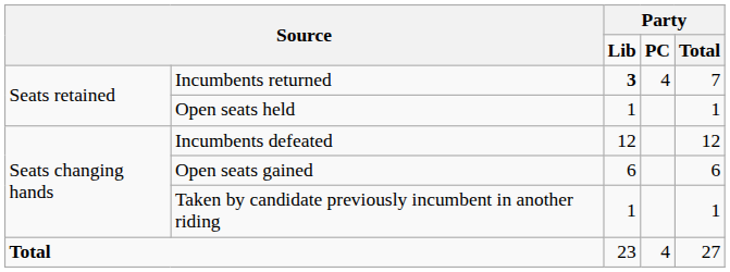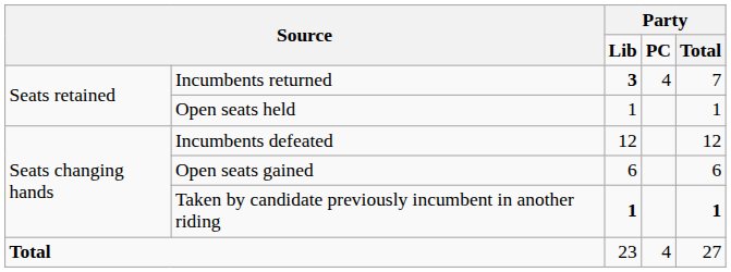 <table class="wikitable" style="text-align:right;">
 <tr>
 <th colspan="2" rowspan="2">Source</th>
 <th colspan="3">Party</th>
 </tr>
 <tr>
 <td><strong>Lib</strong></td>
 <td><strong>PC</strong></td>
 <th>Total</th>
 </tr>
 <tr>
 <td rowspan="2" style="text-align:left;">Seats retained</td>
 <td style="text-align:left;">Incumbents returned</td>
 <td><strong>3</strong></td>
 <td>4</td>
 <td>7</td>
 </tr>
 <tr>
 <td style="text-align:left;">Open seats held</td>
 <td>1</td>
 <td></td>
 <td>1</td>
 </tr>
 <tr>
 <td rowspan="3" style="text-align:left;">Seats changing hands</td>
 <td style="text-align:left;">Incumbents defeated</td>
 <td>12</td>
 <td></td>
 <td>12</td>
 </tr>
 <tr>
 <td style="text-align:left;">Open seats gained</td>
 <td>6</td>
 <td></td>
 <td>6</td>
 </tr>
 <tr>
 <td style="text-align:left;">Taken by candidate previously incumbent in another riding</td>
-<td>1</td>
+<td><strong>1</strong></td>
 <td></td>
-<td>1</td>
+<td><strong>1</strong></td>
 </tr>
 <tr>
 <td colspan="2" style="text-align:left;"><strong>Total</strong></td>
 <td>23</td>
 <td>4</td>
 <td>27</td>
 </tr>
 </table>
